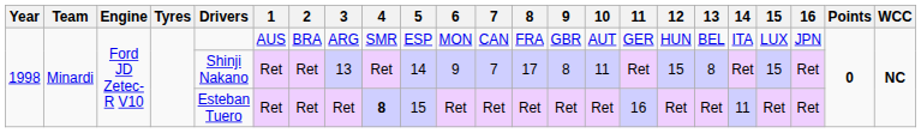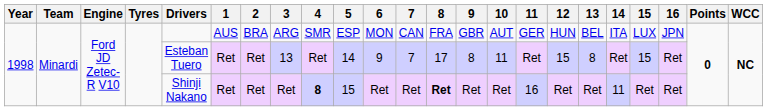 <table class="wikitable" style="text-align:center; font-size:95%">
 <tr>
 <th>Year</th>
 <th>Team</th>
 <th>Engine</th>
 <th>Tyres</th>
 <th>Drivers</th>
 <th>1</th>
 <th>2</th>
 <th>3</th>
 <th>4</th>
 <th>5</th>
 <th>6</th>
 <th>7</th>
 <th>8</th>
 <th>9</th>
 <th>10</th>
 <th>11</th>
 <th>12</th>
 <th>13</th>
 <th>14</th>
 <th>15</th>
 <th>16</th>
 <th>Points</th>
 <th>WCC</th>
 </tr>
 <tr>
 <td rowspan="3"><a href='#'>1998</a></td>
 <td rowspan="3"><a href='#'>Minardi</a></td>
 <td rowspan="3"><a href='#'>Ford JD Zetec-R</a> <a href='#'>V10</a></td>
 <td rowspan="3"></td>
 <td></td>
 <td><a href='#'>AUS</a></td>
 <td><a href='#'>BRA</a></td>
 <td><a href='#'>ARG</a></td>
 <td><a href='#'>SMR</a></td>
 <td><a href='#'>ESP</a></td>
 <td><a href='#'>MON</a></td>
 <td><a href='#'>CAN</a></td>
 <td><a href='#'>FRA</a></td>
 <td><a href='#'>GBR</a></td>
 <td><a href='#'>AUT</a></td>
 <td><a href='#'>GER</a></td>
 <td><a href='#'>HUN</a></td>
 <td><a href='#'>BEL</a></td>
 <td><a href='#'>ITA</a></td>
 <td><a href='#'>LUX</a></td>
 <td><a href='#'>JPN</a></td>
 <td rowspan="3"><strong>0</strong></td>
 <td rowspan="3"><strong>NC</strong></td>
 </tr>
 <tr>
-<td><a href='#'>Shinji Nakano</a></td>
+<td><a href='#'>Esteban Tuero</a></td>
 <td style="background:#EFCFFF;" align="center">Ret</td>
 <td style="background:#EFCFFF;" align="center">Ret</td>
 <td style="background:#CFCFFF;" align="center">13</td>
 <td style="background:#EFCFFF;" align="center">Ret</td>
 <td style="background:#CFCFFF;" align="center">14</td>
 <td style="background:#CFCFFF;" align="center">9</td>
 <td style="background:#CFCFFF;" align="center">7</td>
 <td style="background:#CFCFFF;" align="center">17</td>
 <td style="background:#CFCFFF;" align="center">8</td>
 <td style="background:#CFCFFF;" align="center">11</td>
 <td style="background:#EFCFFF;" align="center">Ret</td>
 <td style="background:#CFCFFF;" align="center">15</td>
 <td style="background:#CFCFFF;" align="center">8</td>
 <td style="background:#EFCFFF;" align="center">Ret</td>
 <td style="background:#CFCFFF;" align="center">15</td>
 <td style="background:#EFCFFF;" align="center">Ret</td>
 </tr>
 <tr>
-<td><a href='#'>Esteban Tuero</a></td>
+<td><a href='#'>Shinji Nakano</a></td>
 <td style="background:#EFCFFF;" align="center">Ret</td>
 <td style="background:#EFCFFF;" align="center">Ret</td>
 <td style="background:#EFCFFF;" align="center">Ret</td>
 <td style="background:#CFCFFF;" align="center"><strong>8</strong></td>
 <td style="background:#CFCFFF;" align="center">15</td>
 <td style="background:#EFCFFF;" align="center">Ret</td>
 <td style="background:#EFCFFF;" align="center">Ret</td>
-<td style="background:#EFCFFF;" align="center">Ret</td>
+<td style="background:#EFCFFF;" align="center"><strong>Ret</strong></td>
 <td style="background:#EFCFFF;" align="center">Ret</td>
 <td style="background:#EFCFFF;" align="center">Ret</td>
 <td style="background:#CFCFFF;" align="center">16</td>
 <td style="background:#EFCFFF;" align="center">Ret</td>
 <td style="background:#EFCFFF;" align="center">Ret</td>
 <td style="background:#CFCFFF;" align="center">11</td>
 <td style="background:#EFCFFF;" align="center">Ret</td>
 <td style="background:#EFCFFF;" align="center">Ret</td>
 </tr>
 </table>
